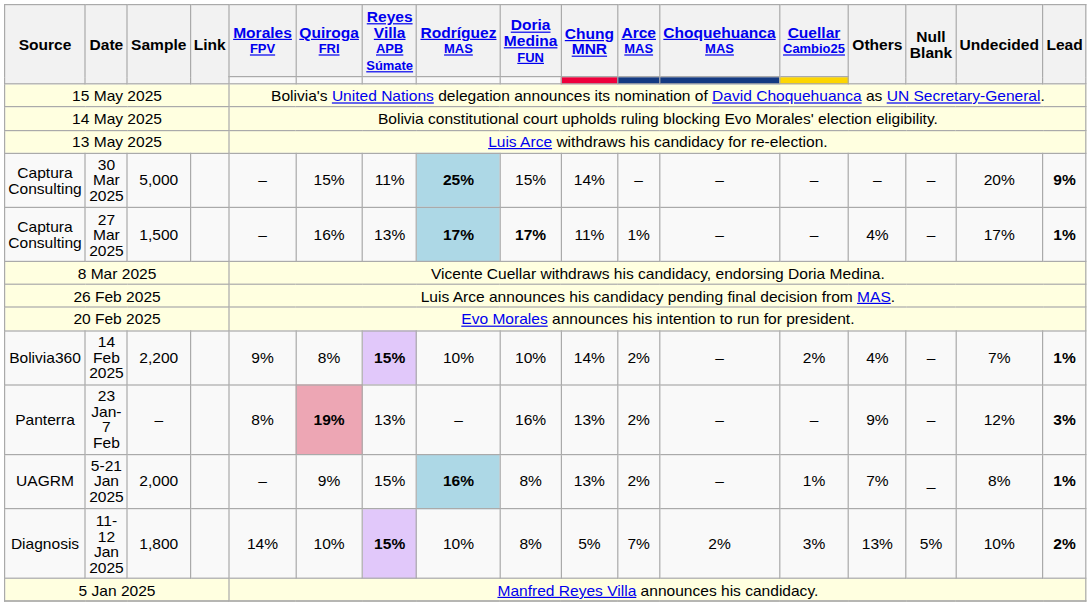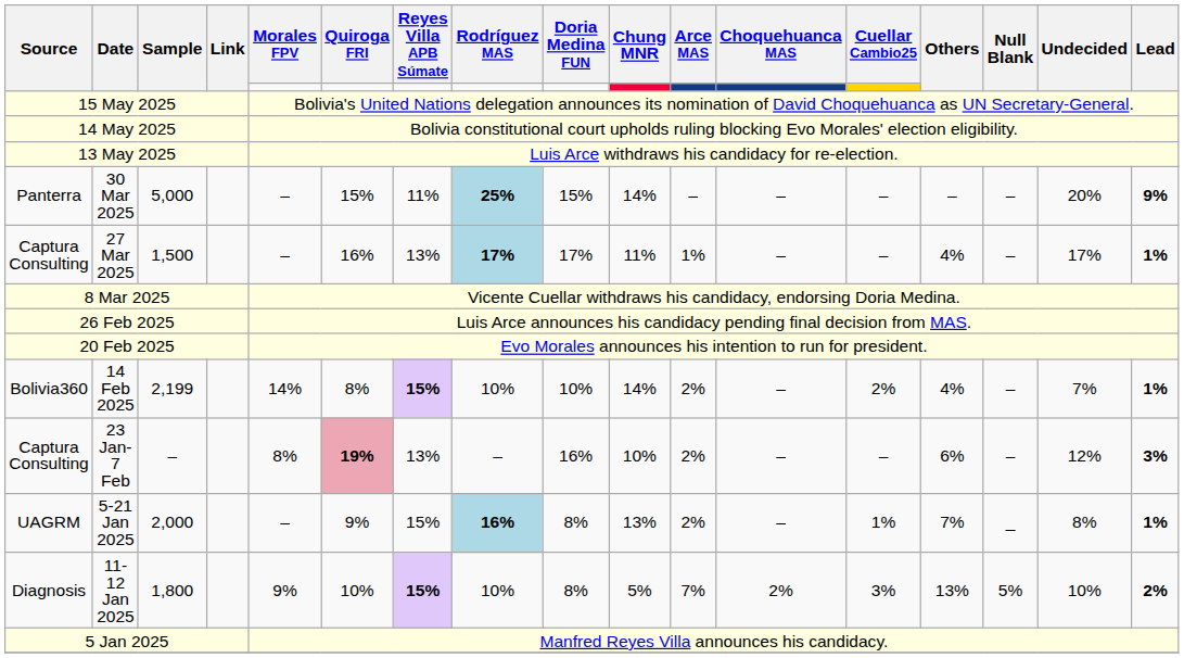 <table class="wikitable" style="text-align:center; font-size:81%; line-height:13px;">
 <tr>
 <th rowspan="2">Source</th>
 <th rowspan="2">Date</th>
 <th rowspan="2">Sample</th>
 <th rowspan="2">Link</th>
 <th><a href='#'>Morales</a><br><small><a href='#'>FPV</a></small></th>
 <th><a href='#'>Quiroga</a><br><small><a href='#'>FRI</a></small></th>
 <th><a href='#'>Reyes Villa</a><br><small><a href='#'>APB Súmate</a></small></th>
 <th><a href='#'>Rodríguez</a><br><small><a href='#'>MAS</a></small></th>
 <th><a href='#'>Doria Medina</a><br><small><a href='#'>FUN</a></small></th>
 <th><a href='#'>Chung</a><br><a href='#'>MNR</a></th>
 <th><a href='#'>Arce</a><br><small><a href='#'>MAS</a></small></th>
 <th><a href='#'>Choquehuanca</a><br><small><a href='#'>MAS</a></small></th>
 <th><a href='#'>Cuellar</a><br><small><a href='#'>Cambio25</a></small></th>
 <th rowspan="2">Others</th>
 <th rowspan="2">Null Blank</th>
 <th rowspan="2">Undecided</th>
 <th rowspan="2">Lead</th>
 </tr>
 <tr>
 <td></td>
 <td></td>
 <td></td>
 <td></td>
 <td></td>
 <td bgcolor="#EF003B"></td>
 <td bgcolor="#143a82"></td>
 <td bgcolor="#143a82"></td>
 <td bgcolor="#fdd601"></td>
 </tr>
 <tr style="background:lightyellow">
 <td colspan="4">15 May 2025</td>
 <td colspan="13">Bolivia's <a href='#'>United Nations</a> delegation announces its nomination of <a href='#'>David Choquehuanca</a> as <a href='#'>UN Secretary-General</a>.</td>
 </tr>
 <tr style="background:lightyellow">
 <td colspan="4">14 May 2025</td>
 <td colspan="13">Bolivia constitutional court upholds ruling blocking Evo Morales' election eligibility. </td>
 </tr>
 <tr style="background:lightyellow">
 <td colspan="4">13 May 2025</td>
 <td colspan="13"><a href='#'>Luis Arce</a> withdraws his candidacy for re-election.</td>
 </tr>
 <tr>
-<td>Captura Consulting</td>
+<td>Panterra</td>
 <td>30 Mar 2025</td>
 <td>5,000</td>
 <td></td>
 <td>–</td>
 <td>15%</td>
 <td>11%</td>
 <td style="background:#ADD8E6"><strong>25%</strong></td>
 <td>15%</td>
 <td>14%</td>
 <td>–</td>
 <td>–</td>
 <td>–</td>
 <td>–</td>
 <td>–</td>
 <td>20%</td>
 <td><strong>9%</strong></td>
 </tr>
 <tr>
 <td>Captura Consulting</td>
 <td>27 Mar 2025</td>
 <td>1,500</td>
 <td></td>
 <td>–</td>
 <td>16%</td>
 <td>13%</td>
 <td style="background:#ADD8E6"><strong>17%</strong></td>
-<td><strong>17%</strong></td>
+<td>17%</td>
 <td>11%</td>
 <td>1%</td>
 <td>–</td>
 <td>–</td>
 <td>4%</td>
 <td>–</td>
 <td>17%</td>
 <td><strong>1%</strong></td>
 </tr>
 <tr style="border-right: 1px lightyellow; background:lightyellow">
 <td colspan="4">8 Mar 2025</td>
 <td colspan="13">Vicente Cuellar withdraws his candidacy, endorsing Doria Medina.</td>
 </tr>
 <tr style="background:lightyellow;">
 <td colspan="4">26 Feb 2025</td>
 <td colspan="13">Luis Arce announces his candidacy pending final decision from <a href='#'>MAS</a>.</td>
 </tr>
 <tr style="background:lightyellow;">
 <td colspan="4">20 Feb 2025</td>
 <td colspan="13"><a href='#'>Evo Morales</a> announces his intention to run for president.</td>
 </tr>
 <tr>
 <td>Bolivia360</td>
 <td>14 Feb 2025</td>
-<td>2,200</td>
+<td>2,199</td>
 <td></td>
-<td>9%</td>
+<td>14%</td>
 <td>8%</td>
 <td style="background:#E1C8FA"><strong>15%</strong></td>
 <td>10%</td>
 <td>10%</td>
 <td>14%</td>
 <td>2%</td>
 <td>–</td>
 <td>2%</td>
 <td>4%</td>
 <td>–</td>
 <td>7%</td>
 <td><strong>1%</strong></td>
 </tr>
 <tr>
-<td>Panterra</td>
+<td>Captura Consulting</td>
 <td>23 Jan-7 Feb</td>
 <td>–</td>
 <td></td>
 <td>8%</td>
 <td style="background:#EDA6b4"><strong>19%</strong></td>
 <td>13%</td>
 <td>–</td>
 <td>16%</td>
-<td>13%</td>
+<td>10%</td>
 <td>2%</td>
 <td>–</td>
 <td>–</td>
-<td>9%</td>
+<td>6%</td>
 <td>–</td>
 <td>12%</td>
 <td><strong>3%</strong></td>
 </tr>
 <tr>
 <td>UAGRM</td>
 <td>5-21 Jan 2025</td>
 <td>2,000</td>
 <td></td>
 <td>–</td>
 <td>9%</td>
 <td>15%</td>
 <td style="background:#ADD8E6"><strong>16%</strong></td>
 <td>8%</td>
 <td>13%</td>
 <td>2%</td>
 <td>–</td>
 <td>1%</td>
 <td>7%</td>
 <td>_</td>
 <td>8%</td>
 <td><strong>1%</strong></td>
 </tr>
 <tr>
 <td>Diagnosis</td>
 <td>11-12 Jan 2025</td>
 <td>1,800</td>
 <td></td>
-<td>14%</td>
+<td>9%</td>
 <td>10%</td>
 <td style="background:#E1C8FA"><strong>15%</strong></td>
 <td>10%</td>
 <td>8%</td>
 <td>5%</td>
 <td>7%</td>
 <td>2%</td>
 <td>3%</td>
 <td>13%</td>
 <td>5%</td>
 <td>10%</td>
 <td><strong>2%</strong></td>
 </tr>
 <tr style="background:lightyellow;">
 <td colspan="4">5 Jan 2025</td>
 <td colspan="13"><a href='#'>Manfred Reyes Villa</a> announces his candidacy.</td>
 </tr>
 <tr>
 </tr>
 </table>
